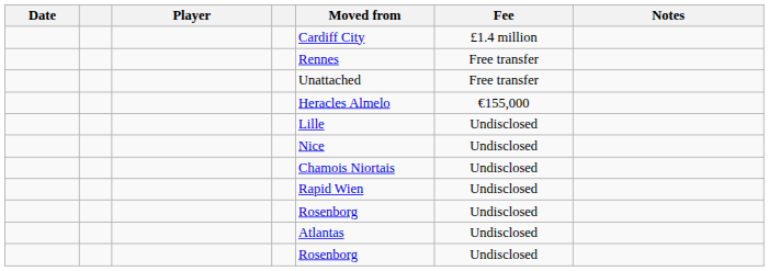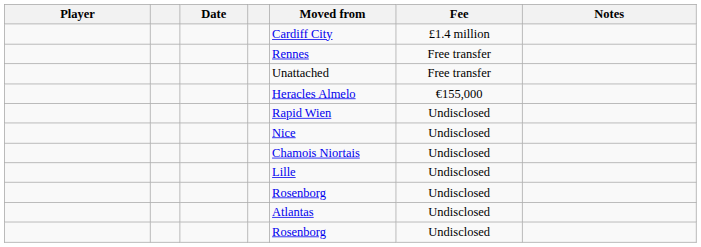 <table class="wikitable sortable">
 <tr>
+<th style="width:180px;">Player</th>
+<th style="width:30px;"></th>
 <th style="width:80px;">Date</th>
-<th style="width:30px;"></th>
-<th style="width:180px;">Player</th>
 <th style="width:20px;"></th>
 <th style="width:155px;">Moved from</th>
 <th style="width:155px;" class="unsortable">Fee</th>
 <th style="width:215px;" class="unsortable">Notes</th>
 </tr>
 <tr>
+<td> </td>
+<td align=center></td>
 <td></td>
-<td align=center></td>
-<td> </td>
 <td></td>
 <td> <a href='#'>Cardiff City</a></td>
 <td align=center>£1.4 million</td>
 <td align=center></td>
 </tr>
 <tr>
+<td> </td>
+<td align=center></td>
 <td></td>
-<td align=center></td>
-<td> </td>
 <td></td>
 <td> <a href='#'>Rennes</a></td>
 <td align=center>Free transfer</td>
 <td align=center></td>
 </tr>
 <tr>
+<td> </td>
+<td align=center></td>
 <td></td>
-<td align=center></td>
-<td> </td>
 <td></td>
 <td>Unattached</td>
 <td align=center>Free transfer</td>
 <td align=center></td>
 </tr>
 <tr>
+<td> </td>
+<td align=center></td>
 <td></td>
-<td align=center></td>
-<td> </td>
 <td></td>
 <td> <a href='#'>Heracles Almelo</a></td>
 <td align=center>€155,000</td>
 <td align=center></td>
 </tr>
 <tr>
+<td> </td>
+<td align=center></td>
 <td></td>
+<td></td>
+<td> <a href='#'>Rapid Wien</a></td>
+<td align=center>Undisclosed</td>
 <td align=center></td>
+</tr>
+<tr>
 <td> </td>
+<td align=center></td>
+<td></td>
+<td></td>
+<td> <a href='#'>Nice</a></td>
+<td align=center>Undisclosed</td>
+<td align=center></td>
+</tr>
+<tr>
+<td> </td>
+<td align=center></td>
+<td></td>
+<td></td>
+<td> <a href='#'>Chamois Niortais</a></td>
+<td align=center>Undisclosed</td>
+<td align=center></td>
+</tr>
+<tr>
+<td> </td>
+<td align=center></td>
+<td></td>
 <td></td>
 <td> <a href='#'>Lille</a></td>
 <td align=center>Undisclosed</td>
 <td align=center></td>
 </tr>
 <tr>
+<td> </td>
+<td align=center></td>
 <td></td>
-<td align=center></td>
-<td> </td>
-<td></td>
-<td> <a href='#'>Nice</a></td>
-<td align=center>Undisclosed</td>
-<td align=center></td>
-</tr>
-<tr>
-<td></td>
-<td align=center></td>
-<td> </td>
-<td></td>
-<td> <a href='#'>Chamois Niortais</a></td>
-<td align=center>Undisclosed</td>
-<td align=center></td>
-</tr>
-<tr>
-<td></td>
-<td align=center></td>
-<td> </td>
-<td></td>
-<td> <a href='#'>Rapid Wien</a></td>
-<td align=center>Undisclosed</td>
-<td align=center></td>
-</tr>
-<tr>
-<td></td>
-<td align=center></td>
-<td> </td>
 <td></td>
 <td> <a href='#'>Rosenborg</a></td>
 <td align=center>Undisclosed</td>
 <td align=center></td>
 </tr>
 <tr>
+<td> </td>
+<td align=center></td>
 <td></td>
-<td align=center></td>
-<td> </td>
 <td></td>
 <td> <a href='#'>Atlantas</a></td>
 <td align=center>Undisclosed</td>
 <td align=center></td>
 </tr>
 <tr>
+<td> </td>
+<td align=center></td>
 <td></td>
-<td align=center></td>
-<td> </td>
 <td></td>
 <td> <a href='#'>Rosenborg</a></td>
 <td align=center>Undisclosed</td>
 <td align=center></td>
 </tr>
 </table>
